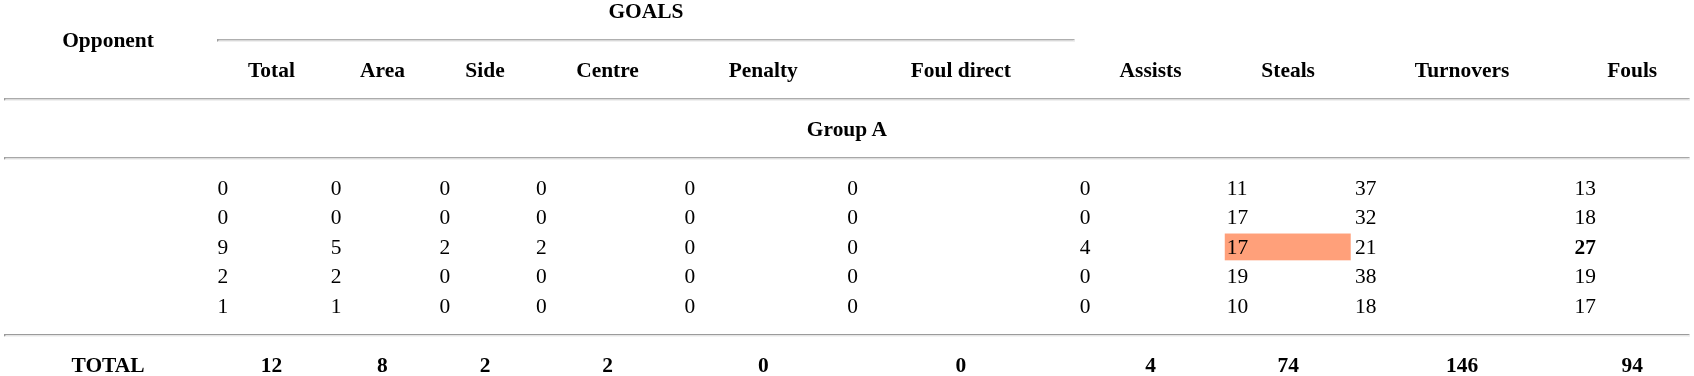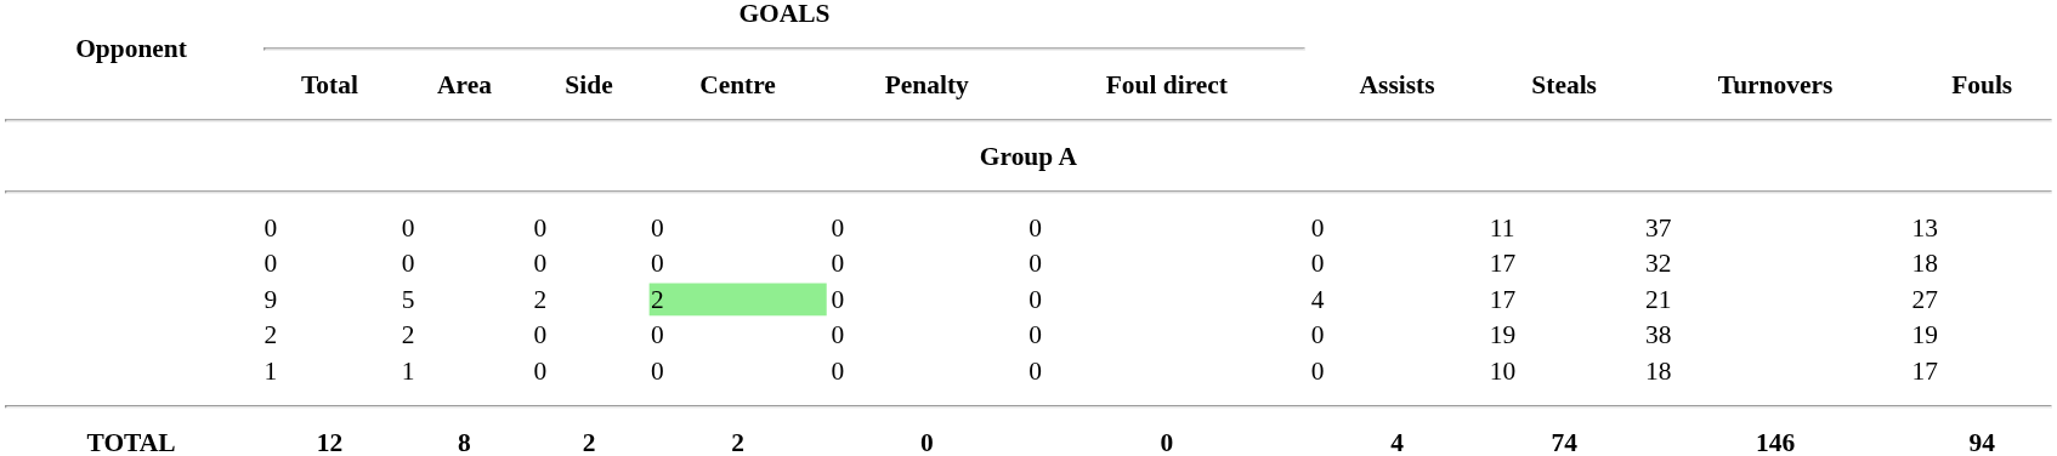 <table border=0 width=100%>
 <tr>
 <th rowspan=3>Opponent</th>
 <th align=center colspan=6 valign=bottom>GOALS</th>
 <th rowspan=3 valign=bottom>Assists</th>
 <th rowspan=3 valign=bottom>Steals</th>
 <th rowspan=3 valign=bottom>Turnovers</th>
 <th rowspan=3 valign=bottom>Fouls</th>
 </tr>
 <tr>
 <th colspan=6><hr></th>
 </tr>
 <tr>
 <th>Total</th>
 <th>Area</th>
 <th>Side</th>
 <th>Centre</th>
 <th>Penalty</th>
 <th>Foul direct</th>
 </tr>
 <tr>
 <th colspan=11><hr></th>
 </tr>
 <tr>
 <th colspan=11>Group A</th>
 </tr>
 <tr>
 <th colspan=11><hr></th>
 </tr>
 <tr>
 <td></td>
 <td>0</td>
 <td>0</td>
 <td>0</td>
 <td>0</td>
 <td>0</td>
 <td>0</td>
 <td>0</td>
 <td>11</td>
 <td>37</td>
 <td>13</td>
 </tr>
 <tr>
 <td></td>
 <td>0</td>
 <td>0</td>
 <td>0</td>
 <td>0</td>
 <td>0</td>
 <td>0</td>
 <td>0</td>
 <td>17</td>
 <td>32</td>
 <td>18</td>
 </tr>
 <tr>
 <td></td>
 <td>9</td>
 <td>5</td>
 <td>2</td>
-<td>2</td>
+<td style="background: lightgreen;">2</td>
 <td>0</td>
 <td>0</td>
 <td>4</td>
-<td style="background: lightsalmon;">17</td>
+<td>17</td>
 <td>21</td>
-<td><strong>27</strong></td>
+<td>27</td>
 </tr>
 <tr>
 <td></td>
 <td>2</td>
 <td>2</td>
 <td>0</td>
 <td>0</td>
 <td>0</td>
 <td>0</td>
 <td>0</td>
 <td>19</td>
 <td>38</td>
 <td>19</td>
 </tr>
 <tr>
 <td></td>
 <td>1</td>
 <td>1</td>
 <td>0</td>
 <td>0</td>
 <td>0</td>
 <td>0</td>
 <td>0</td>
 <td>10</td>
 <td>18</td>
 <td>17</td>
 </tr>
 <tr>
 <td colspan=11><hr></td>
 </tr>
 <tr>
 <th>TOTAL</th>
 <th>12</th>
 <th>8</th>
 <th>2</th>
 <th>2</th>
 <th>0</th>
 <th>0</th>
 <th>4</th>
 <th>74</th>
 <th>146</th>
 <th>94</th>
 </tr>
 </table>
